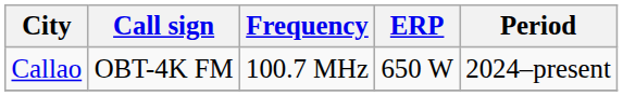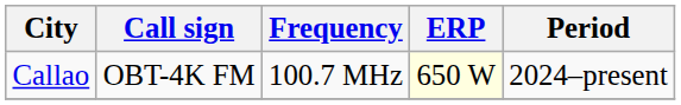 <table class="wikitable">
 <tr>
 <th>City</th>
 <th><a href='#'>Call sign</a></th>
 <th><a href='#'>Frequency</a></th>
 <th><a href='#'>ERP</a></th>
 <th>Period</th>
 </tr>
 <tr>
 <td><a href='#'>Callao</a></td>
 <td>OBT-4K FM</td>
 <td>100.7 MHz</td>
-<td>650 W</td>
+<td style="background: lightyellow;">650 W</td>
 <td>2024–present</td>
 </tr>
 <tr>
 </tr>
 </table>
